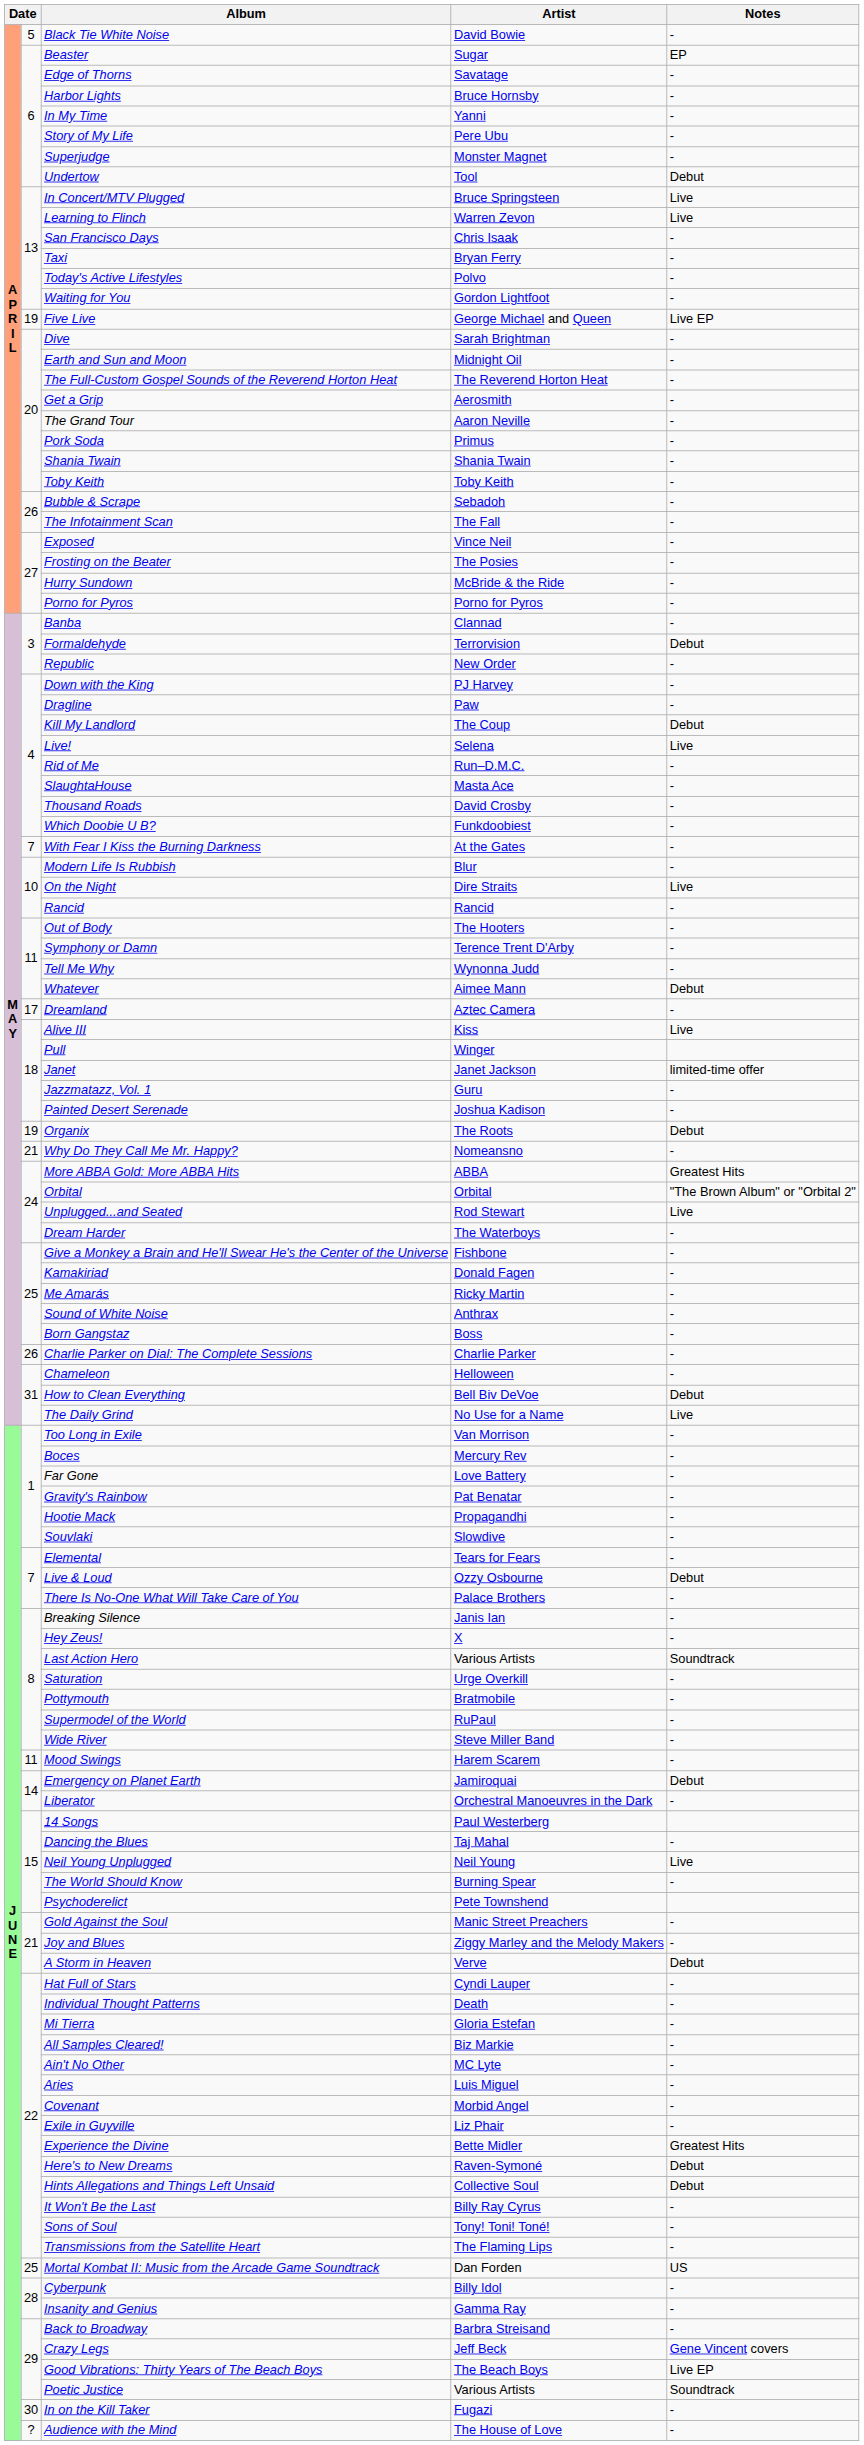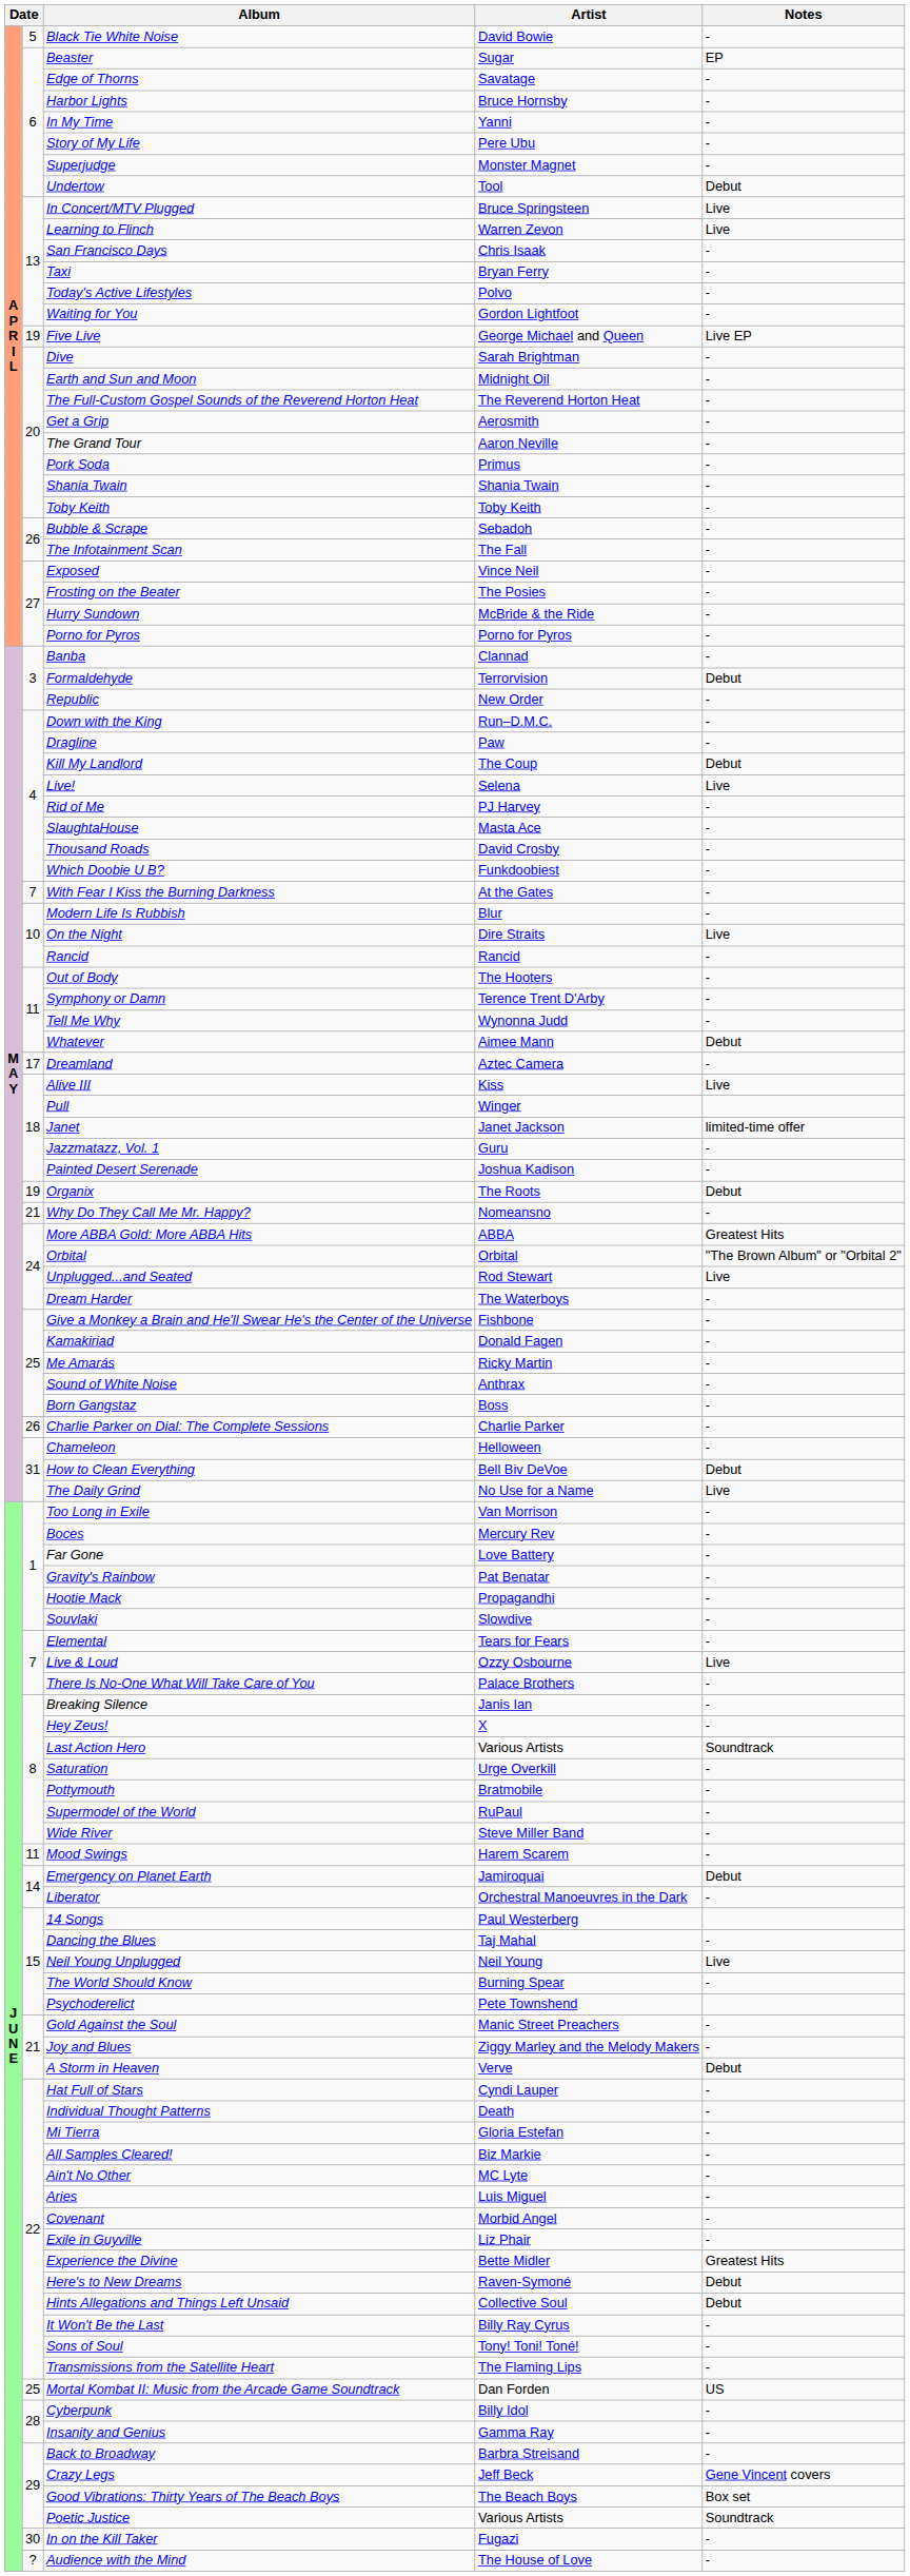 <table class="wikitable">
 <tr>
 <th colspan="2">Date</th>
 <th>Album</th>
 <th>Artist</th>
 <th>Notes</th>
 </tr>
 <tr>
 <td rowspan="29" style="background:#FFA07A; textcolor:#000;" valign="center" align="center"><strong>A<br>P<br>R<br>I<br>L</strong></td>
 <td rowspan="1" align="center">5</td>
 <td><em><a href='#'>Black Tie White Noise</a></em></td>
 <td><a href='#'>David Bowie</a></td>
 <td>-</td>
 </tr>
 <tr>
 <td rowspan="7" align="center">6</td>
 <td><em><a href='#'>Beaster</a></em></td>
 <td><a href='#'>Sugar</a></td>
 <td>EP</td>
 </tr>
 <tr>
 <td><em><a href='#'>Edge of Thorns</a></em></td>
 <td><a href='#'>Savatage</a></td>
 <td>-</td>
 </tr>
 <tr>
 <td><em><a href='#'>Harbor Lights</a></em></td>
 <td><a href='#'>Bruce Hornsby</a></td>
 <td>-</td>
 </tr>
 <tr>
 <td><em><a href='#'>In My Time</a></em></td>
 <td><a href='#'>Yanni</a></td>
 <td>-</td>
 </tr>
 <tr>
 <td><em><a href='#'>Story of My Life</a></em></td>
 <td><a href='#'>Pere Ubu</a></td>
 <td>-</td>
 </tr>
 <tr>
 <td><em><a href='#'>Superjudge</a></em></td>
 <td><a href='#'>Monster Magnet</a></td>
 <td>-</td>
 </tr>
 <tr>
 <td><em><a href='#'>Undertow</a></em></td>
 <td><a href='#'>Tool</a></td>
 <td>Debut</td>
 </tr>
 <tr>
 <td rowspan="6" align="center">13</td>
 <td><em><a href='#'>In Concert/MTV Plugged</a></em></td>
 <td><a href='#'>Bruce Springsteen</a></td>
 <td>Live</td>
 </tr>
 <tr>
 <td><em><a href='#'>Learning to Flinch</a></em></td>
 <td><a href='#'>Warren Zevon</a></td>
 <td>Live</td>
 </tr>
 <tr>
 <td><em><a href='#'>San Francisco Days</a></em></td>
 <td><a href='#'>Chris Isaak</a></td>
 <td>-</td>
 </tr>
 <tr>
 <td><em><a href='#'>Taxi</a></em></td>
 <td><a href='#'>Bryan Ferry</a></td>
 <td>-</td>
 </tr>
 <tr>
 <td><em><a href='#'>Today's Active Lifestyles</a></em></td>
 <td><a href='#'>Polvo</a></td>
 <td>-</td>
 </tr>
 <tr>
 <td><em><a href='#'>Waiting for You</a></em></td>
 <td><a href='#'>Gordon Lightfoot</a></td>
 <td>-</td>
 </tr>
 <tr>
 <td align="center">19</td>
 <td><em><a href='#'>Five Live</a></em></td>
 <td><a href='#'>George Michael</a> and <a href='#'>Queen</a></td>
 <td>Live EP</td>
 </tr>
 <tr>
 <td rowspan="8" align="center">20</td>
 <td><em><a href='#'>Dive</a></em></td>
 <td><a href='#'>Sarah Brightman</a></td>
 <td>-</td>
 </tr>
 <tr>
 <td><em><a href='#'>Earth and Sun and Moon</a></em></td>
 <td><a href='#'>Midnight Oil</a></td>
 <td>-</td>
 </tr>
 <tr>
 <td><em><a href='#'>The Full-Custom Gospel Sounds of the Reverend Horton Heat</a></em></td>
 <td><a href='#'>The Reverend Horton Heat</a></td>
 <td>-</td>
 </tr>
 <tr>
 <td><em><a href='#'>Get a Grip</a></em></td>
 <td><a href='#'>Aerosmith</a></td>
 <td>-</td>
 </tr>
 <tr>
 <td><em>The Grand Tour</em></td>
 <td><a href='#'>Aaron Neville</a></td>
 <td>-</td>
 </tr>
 <tr>
 <td><em><a href='#'>Pork Soda</a></em></td>
 <td><a href='#'>Primus</a></td>
 <td>-</td>
 </tr>
 <tr>
 <td><em><a href='#'>Shania Twain</a></em></td>
 <td><a href='#'>Shania Twain</a></td>
 <td>-</td>
 </tr>
 <tr>
 <td><em><a href='#'>Toby Keith</a></em></td>
 <td><a href='#'>Toby Keith</a></td>
 <td>-</td>
 </tr>
 <tr>
 <td rowspan="2" align="center">26</td>
 <td><em><a href='#'>Bubble & Scrape</a></em></td>
 <td><a href='#'>Sebadoh</a></td>
 <td>-</td>
 </tr>
 <tr>
 <td><em><a href='#'>The Infotainment Scan</a></em></td>
 <td><a href='#'>The Fall</a></td>
 <td>-</td>
 </tr>
 <tr>
 <td rowspan="4" align="center">27</td>
 <td><em><a href='#'>Exposed</a></em></td>
 <td><a href='#'>Vince Neil</a></td>
 <td>-</td>
 </tr>
 <tr>
 <td><em><a href='#'>Frosting on the Beater</a></em></td>
 <td><a href='#'>The Posies</a></td>
 <td>-</td>
 </tr>
 <tr>
 <td><em><a href='#'>Hurry Sundown</a></em></td>
 <td><a href='#'>McBride & the Ride</a></td>
 <td>-</td>
 </tr>
 <tr>
 <td><em><a href='#'>Porno for Pyros</a></em></td>
 <td><a href='#'>Porno for Pyros</a></td>
 <td>-</td>
 </tr>
 <tr>
 <td rowspan="40" valign="center" align="center" style="background:#D8BFD8; textcolor:#000;"><strong>M<br>A<br>Y</strong></td>
 <td rowspan="3" align="center">3</td>
 <td><em><a href='#'>Banba</a></em></td>
 <td><a href='#'>Clannad</a></td>
 <td>-</td>
 </tr>
 <tr>
 <td><em><a href='#'>Formaldehyde</a></em></td>
 <td><a href='#'>Terrorvision</a></td>
 <td>Debut</td>
 </tr>
 <tr>
 <td><em><a href='#'>Republic</a></em></td>
 <td><a href='#'>New Order</a></td>
 <td>-</td>
 </tr>
 <tr>
 <td rowspan="8" align="center">4</td>
 <td><em><a href='#'>Down with the King</a></em></td>
-<td><a href='#'>PJ Harvey</a></td>
+<td><a href='#'>Run–D.M.C.</a></td>
 <td>-</td>
 </tr>
 <tr>
 <td><em><a href='#'>Dragline</a></em></td>
 <td><a href='#'>Paw</a></td>
 <td>-</td>
 </tr>
 <tr>
 <td><em><a href='#'>Kill My Landlord</a></em></td>
 <td><a href='#'>The Coup</a></td>
 <td>Debut</td>
 </tr>
 <tr>
 <td><em><a href='#'>Live!</a></em></td>
 <td><a href='#'>Selena</a></td>
 <td>Live</td>
 </tr>
 <tr>
 <td><em><a href='#'>Rid of Me</a></em></td>
-<td><a href='#'>Run–D.M.C.</a></td>
+<td><a href='#'>PJ Harvey</a></td>
 <td>-</td>
 </tr>
 <tr>
 <td><em><a href='#'>SlaughtaHouse</a></em></td>
 <td><a href='#'>Masta Ace</a></td>
 <td>-</td>
 </tr>
 <tr>
 <td><em><a href='#'>Thousand Roads</a></em></td>
 <td><a href='#'>David Crosby</a></td>
 <td>-</td>
 </tr>
 <tr>
 <td><em><a href='#'>Which Doobie U B?</a></em></td>
 <td><a href='#'>Funkdoobiest</a></td>
 <td>-</td>
 </tr>
 <tr>
 <td rowspan="1" align="center">7</td>
 <td><em><a href='#'>With Fear I Kiss the Burning Darkness</a></em></td>
 <td><a href='#'>At the Gates</a></td>
 <td>-</td>
 </tr>
 <tr>
 <td rowspan="3" align="center">10</td>
 <td><em><a href='#'>Modern Life Is Rubbish</a></em></td>
 <td><a href='#'>Blur</a></td>
 <td>-</td>
 </tr>
 <tr>
 <td><em><a href='#'>On the Night</a></em></td>
 <td><a href='#'>Dire Straits</a></td>
 <td>Live</td>
 </tr>
 <tr>
 <td><em><a href='#'>Rancid</a></em></td>
 <td><a href='#'>Rancid</a></td>
 <td>-</td>
 </tr>
 <tr>
 <td rowspan="4" align="center">11</td>
 <td><em><a href='#'>Out of Body</a></em></td>
 <td><a href='#'>The Hooters</a></td>
 <td>-</td>
 </tr>
 <tr>
 <td><em><a href='#'>Symphony or Damn</a></em></td>
 <td><a href='#'>Terence Trent D'Arby</a></td>
 <td>-</td>
 </tr>
 <tr>
 <td><em><a href='#'>Tell Me Why</a></em></td>
 <td><a href='#'>Wynonna Judd</a></td>
 <td>-</td>
 </tr>
 <tr>
 <td><em><a href='#'>Whatever</a></em></td>
 <td><a href='#'>Aimee Mann</a></td>
 <td>Debut</td>
 </tr>
 <tr>
 <td rowspan="1" align="center">17</td>
 <td><em><a href='#'>Dreamland</a></em></td>
 <td><a href='#'>Aztec Camera</a></td>
 <td>-</td>
 </tr>
 <tr>
 <td rowspan="5" align="center">18</td>
 <td><em><a href='#'>Alive III</a></em></td>
 <td><a href='#'>Kiss</a></td>
 <td>Live</td>
 </tr>
 <tr>
 <td><em><a href='#'>Pull</a></em></td>
 <td><a href='#'>Winger</a></td>
 <td></td>
 </tr>
 <tr>
 <td><em><a href='#'>Janet</a></em></td>
 <td><a href='#'>Janet Jackson</a></td>
 <td>limited-time offer</td>
 </tr>
 <tr>
 <td><em><a href='#'>Jazzmatazz, Vol. 1</a></em></td>
 <td><a href='#'>Guru</a></td>
 <td>-</td>
 </tr>
 <tr>
 <td><em><a href='#'>Painted Desert Serenade</a></em></td>
 <td><a href='#'>Joshua Kadison</a></td>
 <td>-</td>
 </tr>
 <tr>
 <td align="center">19</td>
 <td><em><a href='#'>Organix</a></em></td>
 <td><a href='#'>The Roots</a></td>
 <td>Debut</td>
 </tr>
 <tr>
 <td align="center">21</td>
 <td><em><a href='#'>Why Do They Call Me Mr. Happy?</a></em></td>
 <td><a href='#'>Nomeansno</a></td>
 <td>-</td>
 </tr>
 <tr>
 <td rowspan="4" align="center">24</td>
 <td><em><a href='#'>More ABBA Gold: More ABBA Hits</a></em></td>
 <td><a href='#'>ABBA</a></td>
 <td>Greatest Hits</td>
 </tr>
 <tr>
 <td><em><a href='#'>Orbital</a></em></td>
 <td><a href='#'>Orbital</a></td>
 <td>"The Brown Album" or "Orbital 2"</td>
 </tr>
 <tr>
 <td><em><a href='#'>Unplugged...and Seated</a></em></td>
 <td><a href='#'>Rod Stewart</a></td>
 <td>Live</td>
 </tr>
 <tr>
 <td><em><a href='#'>Dream Harder</a></em></td>
 <td><a href='#'>The Waterboys</a></td>
 <td>-</td>
 </tr>
 <tr>
 <td rowspan="5" align="center">25</td>
 <td><em><a href='#'>Give a Monkey a Brain and He'll Swear He's the Center of the Universe</a></em></td>
 <td><a href='#'>Fishbone</a></td>
 <td>-</td>
 </tr>
 <tr>
 <td><em><a href='#'>Kamakiriad</a></em></td>
 <td><a href='#'>Donald Fagen</a></td>
 <td>-</td>
 </tr>
 <tr>
 <td><em><a href='#'>Me Amarás</a></em></td>
 <td><a href='#'>Ricky Martin</a></td>
 <td>-</td>
 </tr>
 <tr>
 <td><em><a href='#'>Sound of White Noise</a></em></td>
 <td><a href='#'>Anthrax</a></td>
 <td>-</td>
 </tr>
 <tr>
 <td><em><a href='#'>Born Gangstaz</a></em></td>
 <td><a href='#'>Boss</a></td>
 <td>-</td>
 </tr>
 <tr>
 <td align="center">26</td>
 <td><em><a href='#'>Charlie Parker on Dial: The Complete Sessions</a></em></td>
 <td><a href='#'>Charlie Parker</a></td>
 <td>-</td>
 </tr>
 <tr>
 <td rowspan="3" align="center">31</td>
 <td><em><a href='#'>Chameleon</a></em></td>
 <td><a href='#'>Helloween</a></td>
 <td>-</td>
 </tr>
 <tr>
 <td><em><a href='#'>How to Clean Everything</a></em></td>
 <td><a href='#'>Bell Biv DeVoe</a></td>
 <td>Debut</td>
 </tr>
 <tr>
 <td><em><a href='#'>The Daily Grind</a></em></td>
 <td><a href='#'>No Use for a Name</a></td>
 <td>Live</td>
 </tr>
 <tr>
 <td rowspan="50" style="background:#98FB98; textcolor:#000;" valign="center" align="center"><strong>J<br>U<br>N<br>E</strong></td>
 <td rowspan="6" align="center">1</td>
 <td><em><a href='#'>Too Long in Exile</a></em></td>
 <td><a href='#'>Van Morrison</a></td>
 <td>-</td>
 </tr>
 <tr>
 <td><em><a href='#'>Boces</a></em></td>
 <td><a href='#'>Mercury Rev</a></td>
 <td>-</td>
 </tr>
 <tr>
 <td><em>Far Gone</em></td>
 <td><a href='#'>Love Battery</a></td>
 <td>-</td>
 </tr>
 <tr>
 <td><em><a href='#'>Gravity's Rainbow</a></em></td>
 <td><a href='#'>Pat Benatar</a></td>
 <td>-</td>
 </tr>
 <tr>
 <td><em><a href='#'>Hootie Mack</a></em></td>
 <td><a href='#'>Propagandhi</a></td>
 <td>-</td>
 </tr>
 <tr>
 <td><em><a href='#'>Souvlaki</a></em></td>
 <td><a href='#'>Slowdive</a></td>
 <td>-</td>
 </tr>
 <tr>
 <td rowspan="3" align="center">7</td>
 <td><em><a href='#'>Elemental</a></em></td>
 <td><a href='#'>Tears for Fears</a></td>
 <td>-</td>
 </tr>
 <tr>
 <td><em><a href='#'>Live & Loud</a></em></td>
 <td><a href='#'>Ozzy Osbourne</a></td>
-<td>Debut</td>
+<td>Live</td>
 </tr>
 <tr>
 <td><em><a href='#'>There Is No-One What Will Take Care of You</a></em></td>
 <td><a href='#'>Palace Brothers</a></td>
 <td>-</td>
 </tr>
 <tr>
 <td rowspan="7" align="center">8</td>
 <td><em>Breaking Silence</em></td>
 <td><a href='#'>Janis Ian</a></td>
 <td>-</td>
 </tr>
 <tr>
 <td><em><a href='#'>Hey Zeus!</a></em></td>
 <td><a href='#'>X</a></td>
 <td>-</td>
 </tr>
 <tr>
 <td><em><a href='#'>Last Action Hero</a></em></td>
 <td>Various Artists</td>
 <td>Soundtrack</td>
 </tr>
 <tr>
 <td><em><a href='#'>Saturation</a></em></td>
 <td><a href='#'>Urge Overkill</a></td>
 <td>-</td>
 </tr>
 <tr>
 <td><em><a href='#'>Pottymouth</a></em></td>
 <td><a href='#'>Bratmobile</a></td>
 <td>-</td>
 </tr>
 <tr>
 <td><em><a href='#'>Supermodel of the World</a></em></td>
 <td><a href='#'>RuPaul</a></td>
 <td>-</td>
 </tr>
 <tr>
 <td><em><a href='#'>Wide River</a></em></td>
 <td><a href='#'>Steve Miller Band</a></td>
 <td>-</td>
 </tr>
 <tr>
 <td align="center">11</td>
 <td><em><a href='#'>Mood Swings</a></em></td>
 <td><a href='#'>Harem Scarem</a></td>
 <td>-</td>
 </tr>
 <tr>
 <td rowspan="2" align="center">14</td>
 <td><em><a href='#'>Emergency on Planet Earth</a></em></td>
 <td><a href='#'>Jamiroquai</a></td>
 <td>Debut</td>
 </tr>
 <tr>
 <td><em><a href='#'>Liberator</a></em></td>
 <td><a href='#'>Orchestral Manoeuvres in the Dark</a></td>
 <td>-</td>
 </tr>
 <tr>
 <td rowspan="5" align="center">15</td>
 <td><em><a href='#'>14 Songs</a></em></td>
 <td><a href='#'>Paul Westerberg</a></td>
 <td></td>
 </tr>
 <tr>
 <td><em><a href='#'>Dancing the Blues</a></em></td>
 <td><a href='#'>Taj Mahal</a></td>
 <td>-</td>
 </tr>
 <tr>
 <td><em><a href='#'>Neil Young Unplugged</a></em></td>
 <td><a href='#'>Neil Young</a></td>
 <td>Live</td>
 </tr>
 <tr>
 <td><em><a href='#'>The World Should Know</a></em></td>
 <td><a href='#'>Burning Spear</a></td>
 <td>-</td>
 </tr>
 <tr>
 <td><em><a href='#'>Psychoderelict</a></em></td>
 <td><a href='#'>Pete Townshend</a></td>
 <td></td>
 </tr>
 <tr>
 <td rowspan="3" align="center">21</td>
 <td><em><a href='#'>Gold Against the Soul</a></em></td>
 <td><a href='#'>Manic Street Preachers</a></td>
 <td>-</td>
 </tr>
 <tr>
 <td><em><a href='#'>Joy and Blues</a></em></td>
 <td><a href='#'>Ziggy Marley and the Melody Makers</a></td>
 <td>-</td>
 </tr>
 <tr>
 <td><em><a href='#'>A Storm in Heaven</a></em></td>
 <td><a href='#'>Verve</a></td>
 <td>Debut</td>
 </tr>
 <tr>
 <td rowspan="14" align="center">22</td>
 <td><em><a href='#'>Hat Full of Stars</a></em></td>
 <td><a href='#'>Cyndi Lauper</a></td>
 <td>-</td>
 </tr>
 <tr>
 <td><em><a href='#'>Individual Thought Patterns</a></em></td>
 <td><a href='#'>Death</a></td>
 <td>-</td>
 </tr>
 <tr>
 <td><em><a href='#'>Mi Tierra</a></em></td>
 <td><a href='#'>Gloria Estefan</a></td>
 <td>-</td>
 </tr>
 <tr>
 <td><em><a href='#'>All Samples Cleared!</a></em></td>
 <td><a href='#'>Biz Markie</a></td>
 <td>-</td>
 </tr>
 <tr>
 <td><em><a href='#'>Ain't No Other</a></em></td>
 <td><a href='#'>MC Lyte</a></td>
 <td>-</td>
 </tr>
 <tr>
 <td><em><a href='#'>Aries</a></em></td>
 <td><a href='#'>Luis Miguel</a></td>
 <td>-</td>
 </tr>
 <tr>
 <td><em><a href='#'>Covenant</a></em></td>
 <td><a href='#'>Morbid Angel</a></td>
 <td>-</td>
 </tr>
 <tr>
 <td><em><a href='#'>Exile in Guyville</a></em></td>
 <td><a href='#'>Liz Phair</a></td>
 <td>-</td>
 </tr>
 <tr>
 <td><em><a href='#'>Experience the Divine</a></em></td>
 <td><a href='#'>Bette Midler</a></td>
 <td>Greatest Hits</td>
 </tr>
 <tr>
 <td><em><a href='#'>Here's to New Dreams</a></em></td>
 <td><a href='#'>Raven-Symoné</a></td>
 <td>Debut</td>
 </tr>
 <tr>
 <td><em><a href='#'>Hints Allegations and Things Left Unsaid</a></em></td>
 <td><a href='#'>Collective Soul</a></td>
 <td>Debut</td>
 </tr>
 <tr>
 <td><em><a href='#'>It Won't Be the Last</a></em></td>
 <td><a href='#'>Billy Ray Cyrus</a></td>
 <td>-</td>
 </tr>
 <tr>
 <td><em><a href='#'>Sons of Soul</a></em></td>
 <td><a href='#'>Tony! Toni! Toné!</a></td>
 <td>-</td>
 </tr>
 <tr>
 <td><em><a href='#'>Transmissions from the Satellite Heart</a></em></td>
 <td><a href='#'>The Flaming Lips</a></td>
 <td>-</td>
 </tr>
 <tr>
 <td align="center">25</td>
 <td><em><a href='#'>Mortal Kombat II: Music from the Arcade Game Soundtrack</a></em></td>
 <td>Dan Forden</td>
 <td>US</td>
 </tr>
 <tr>
 <td rowspan="2" align="center">28</td>
 <td><em><a href='#'>Cyberpunk</a></em></td>
 <td><a href='#'>Billy Idol</a></td>
 <td>-</td>
 </tr>
 <tr>
 <td><em><a href='#'>Insanity and Genius</a></em></td>
 <td><a href='#'>Gamma Ray</a></td>
 <td>-</td>
 </tr>
 <tr>
 <td rowspan="4" align="center">29</td>
 <td><em><a href='#'>Back to Broadway</a></em></td>
 <td><a href='#'>Barbra Streisand</a></td>
 <td>-</td>
 </tr>
 <tr>
 <td><em><a href='#'>Crazy Legs</a></em></td>
 <td><a href='#'>Jeff Beck</a></td>
 <td><a href='#'>Gene Vincent</a> covers</td>
 </tr>
 <tr>
 <td><em><a href='#'>Good Vibrations: Thirty Years of The Beach Boys</a></em></td>
 <td><a href='#'>The Beach Boys</a></td>
-<td>Live EP</td>
+<td>Box set</td>
 </tr>
 <tr>
 <td><em><a href='#'>Poetic Justice</a></em></td>
 <td>Various Artists</td>
 <td>Soundtrack</td>
 </tr>
 <tr>
 <td rowspan="1" align="center">30</td>
 <td><em><a href='#'>In on the Kill Taker</a></em></td>
 <td><a href='#'>Fugazi</a></td>
 <td>-</td>
 </tr>
 <tr>
 <td rowspan="1" align="center">?</td>
 <td><em><a href='#'>Audience with the Mind</a></em></td>
 <td><a href='#'>The House of Love</a></td>
 <td>-</td>
 </tr>
 </table>
